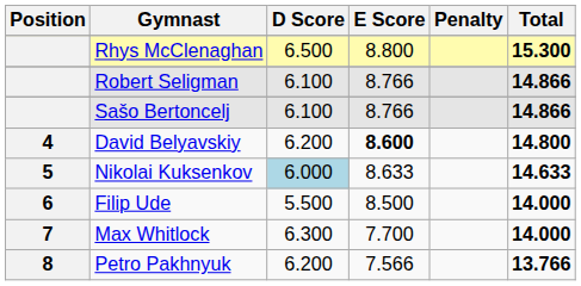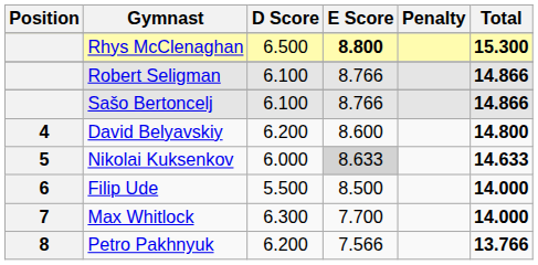 <table style="text-align:center;" class="wikitable sortable">
 <tr>
 <th>Position</th>
 <th>Gymnast</th>
 <th>D Score</th>
 <th>E Score</th>
 <th>Penalty</th>
 <th>Total</th>
 </tr>
 <tr>
 </tr>
 <tr style="background:#fffcaf;">
 <th scope="row" style="text-align:center"></th>
 <td style="text-align:left;"> <a href='#'>Rhys McClenaghan</a></td>
 <td>6.500</td>
-<td>8.800</td>
+<td><strong>8.800</strong></td>
 <td></td>
 <td><strong>15.300</strong></td>
 </tr>
 <tr>
 </tr>
 <tr style="background:#e5e5e5;">
 <th scope="row" style="text-align:center"></th>
 <td style="text-align:left;"> <a href='#'>Robert Seligman</a></td>
 <td>6.100</td>
 <td>8.766</td>
 <td></td>
 <td><strong>14.866</strong></td>
 </tr>
 <tr>
 </tr>
 <tr style="background:#e5e5e5;">
 <th scope="row" style="text-align:center"></th>
 <td style="text-align:left;"> <a href='#'>Sašo Bertoncelj</a></td>
 <td>6.100</td>
 <td>8.766</td>
 <td></td>
 <td><strong>14.866</strong></td>
 </tr>
 <tr>
 <th>4</th>
 <td style="text-align:left;"> <a href='#'>David Belyavskiy</a></td>
 <td>6.200</td>
-<td><strong>8.600</strong></td>
+<td>8.600</td>
 <td></td>
 <td><strong>14.800</strong></td>
 </tr>
 <tr>
 <th>5</th>
 <td style="text-align:left;"> <a href='#'>Nikolai Kuksenkov</a></td>
-<td style="background: lightblue;">6.000</td>
-<td>8.633</td>
+<td>6.000</td>
+<td style="background: lightgrey;">8.633</td>
 <td></td>
 <td><strong>14.633</strong></td>
 </tr>
 <tr>
 <th>6</th>
 <td style="text-align:left;"> <a href='#'>Filip Ude</a></td>
 <td>5.500</td>
 <td>8.500</td>
 <td></td>
 <td><strong>14.000</strong></td>
 </tr>
 <tr>
 <th>7</th>
 <td style="text-align:left;"> <a href='#'>Max Whitlock</a></td>
 <td>6.300</td>
 <td>7.700</td>
 <td></td>
 <td><strong>14.000</strong></td>
 </tr>
 <tr>
 <th>8</th>
 <td style="text-align:left;"> <a href='#'>Petro Pakhnyuk</a></td>
 <td>6.200</td>
 <td>7.566</td>
 <td></td>
 <td><strong>13.766</strong></td>
 </tr>
 </table>
